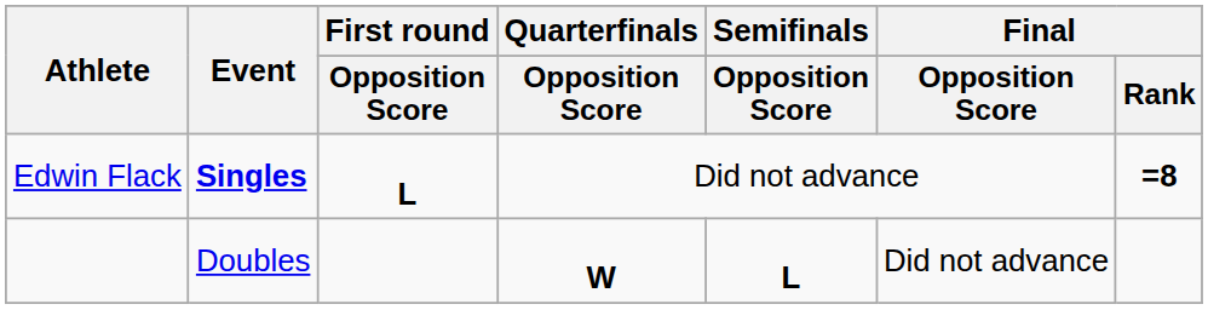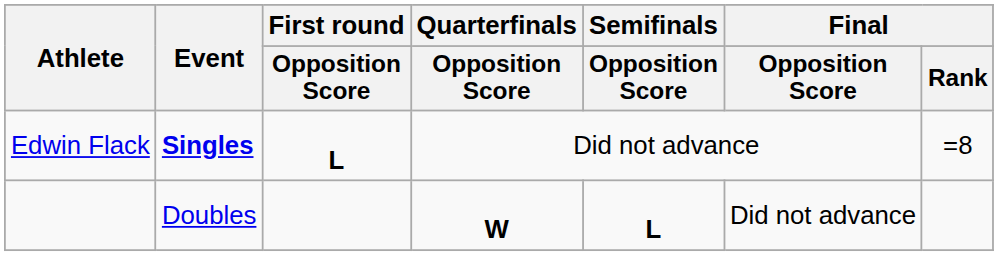 <table class=wikitable style=font-size:90%;text-align:center>
 <tr>
 <th rowspan=2>Athlete</th>
 <th rowspan=2>Event</th>
 <th>First round</th>
 <th>Quarterfinals</th>
 <th>Semifinals</th>
 <th colspan=2>Final</th>
 </tr>
 <tr style=font-size:95%>
 <th>Opposition<br>Score</th>
 <th>Opposition<br>Score</th>
 <th>Opposition<br>Score</th>
 <th>Opposition<br>Score</th>
 <th>Rank</th>
 </tr>
 <tr>
 <td align=left><a href='#'>Edwin Flack</a></td>
 <td align=left><strong><a href='#'>Singles</a></strong></td>
 <td><br><strong>L</strong></td>
 <td colspan=3>Did not advance</td>
-<td><strong>=8</strong></td>
+<td>=8</td>
 </tr>
 <tr>
 <td align=left><br></td>
 <td align=left><a href='#'>Doubles</a></td>
 <td></td>
 <td><br> <strong>W</strong> </td>
 <td><br> <strong>L</strong></td>
 <td>Did not advance</td>
 <td></td>
 </tr>
 </table>
